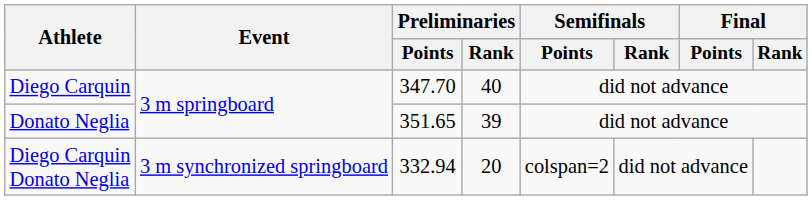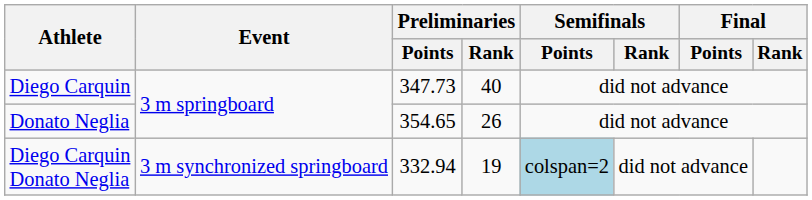 <table class=wikitable style="font-size:90%;">
 <tr>
 <th rowspan="2">Athlete</th>
 <th rowspan="2">Event</th>
 <th colspan="2">Preliminaries</th>
 <th colspan="2">Semifinals</th>
 <th colspan="2">Final</th>
 </tr>
 <tr style="font-size:95%">
 <th>Points</th>
 <th>Rank</th>
 <th>Points</th>
 <th>Rank</th>
 <th>Points</th>
 <th>Rank</th>
 </tr>
 <tr align=center>
 <td align=left><a href='#'>Diego Carquin</a></td>
 <td align=left rowspan=2><a href='#'>3 m springboard</a></td>
-<td>347.70</td>
+<td>347.73</td>
 <td>40</td>
 <td colspan=4>did not advance</td>
 </tr>
 <tr align=center>
 <td align=left><a href='#'>Donato Neglia</a></td>
-<td>351.65</td>
-<td>39</td>
+<td>354.65</td>
+<td>26</td>
 <td colspan=4>did not advance</td>
 </tr>
 <tr align=center>
 <td align=left><a href='#'>Diego Carquin</a><br><a href='#'>Donato Neglia</a></td>
 <td align=left><a href='#'>3 m synchronized springboard</a></td>
 <td>332.94</td>
-<td>20</td>
-<td>colspan=2 </td>
+<td>19</td>
+<td style="background: lightblue;">colspan=2 </td>
 <td colspan=2>did not advance</td>
 </tr>
 </table>
